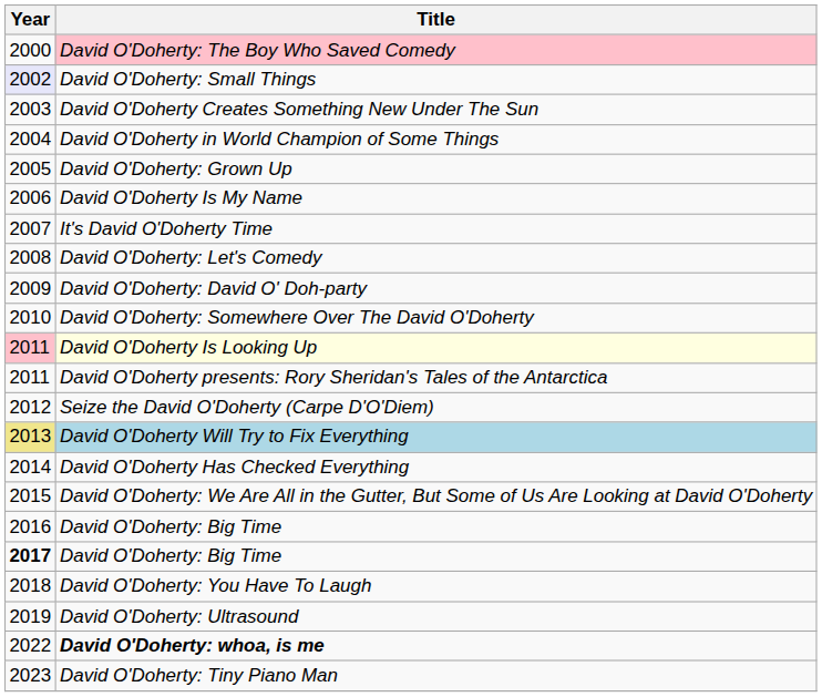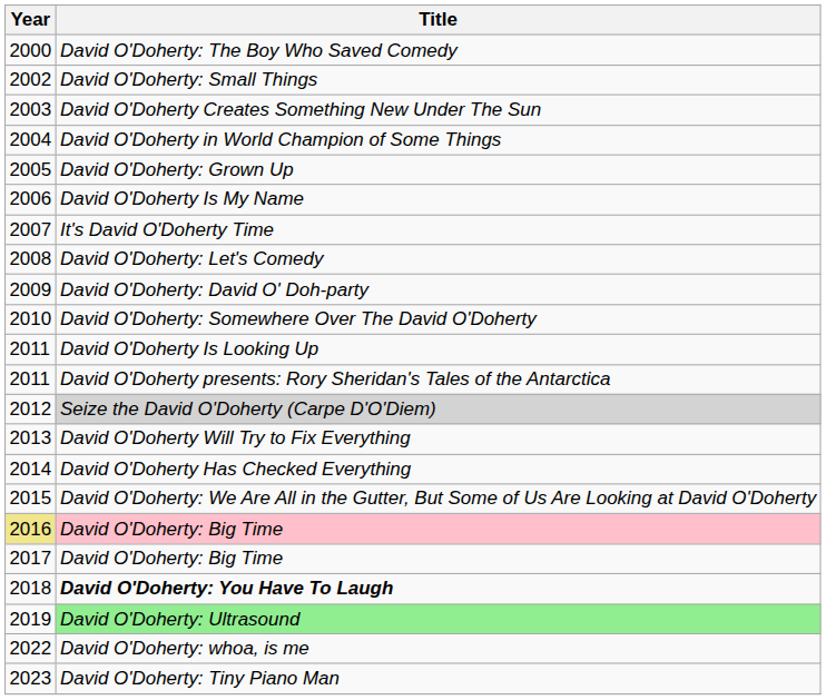 <table class="wikitable">
 <tr>
 <th>Year</th>
 <th>Title</th>
 </tr>
 <tr>
 <td>2000</td>
-<td style="background: pink;"><em>David O'Doherty: The Boy Who Saved Comedy</em></td>
+<td><em>David O'Doherty: The Boy Who Saved Comedy</em></td>
 </tr>
 <tr>
-<td style="background: lavender;">2002</td>
+<td>2002</td>
 <td><em>David O'Doherty: Small Things</em></td>
 </tr>
 <tr>
 <td>2003</td>
 <td><em>David O'Doherty Creates Something New Under The Sun</em></td>
 </tr>
 <tr>
 <td>2004</td>
 <td><em>David O'Doherty in World Champion of Some Things</em></td>
 </tr>
 <tr>
 <td>2005</td>
 <td><em>David O'Doherty: Grown Up</em></td>
 </tr>
 <tr>
 <td>2006</td>
 <td><em>David O'Doherty Is My Name</em></td>
 </tr>
 <tr>
 <td>2007</td>
 <td><em>It's David O'Doherty Time</em></td>
 </tr>
 <tr>
 <td>2008</td>
 <td><em>David O'Doherty: Let's Comedy</em></td>
 </tr>
 <tr>
 <td>2009</td>
 <td><em>David O'Doherty: David O' Doh-party</em></td>
 </tr>
 <tr>
 <td>2010</td>
 <td><em>David O'Doherty: Somewhere Over The David O'Doherty</em></td>
 </tr>
 <tr>
-<td style="background: pink;">2011</td>
-<td style="background: lightyellow;"><em>David O'Doherty Is Looking Up</em></td>
+<td>2011</td>
+<td><em>David O'Doherty Is Looking Up</em></td>
 </tr>
 <tr>
 <td>2011</td>
 <td><em>David O'Doherty presents: Rory Sheridan's Tales of the Antarctica</em></td>
 </tr>
 <tr>
 <td>2012</td>
-<td><em>Seize the David O'Doherty (Carpe D'O'Diem)</em></td>
+<td style="background: lightgrey;"><em>Seize the David O'Doherty (Carpe D'O'Diem)</em></td>
 </tr>
 <tr>
-<td style="background: khaki;">2013</td>
-<td style="background: lightblue;"><em>David O'Doherty Will Try to Fix Everything</em></td>
+<td>2013</td>
+<td><em>David O'Doherty Will Try to Fix Everything</em></td>
 </tr>
 <tr>
 <td>2014</td>
 <td><em>David O'Doherty Has Checked Everything</em></td>
 </tr>
 <tr>
 <td>2015</td>
 <td><em>David O'Doherty: We Are All in the Gutter, But Some of Us Are Looking at David O'Doherty</em></td>
 </tr>
 <tr>
-<td>2016</td>
-<td><em>David O'Doherty: Big Time</em></td>
+<td style="background: khaki;">2016</td>
+<td style="background: pink;"><em>David O'Doherty: Big Time</em></td>
 </tr>
 <tr>
-<td><strong>2017</strong></td>
+<td>2017</td>
 <td><em>David O'Doherty: Big Time</em></td>
 </tr>
 <tr>
 <td>2018</td>
-<td><em>David O'Doherty: You Have To Laugh</em></td>
+<td><strong><em>David O'Doherty: You Have To Laugh</em></strong></td>
 </tr>
 <tr>
 <td>2019</td>
-<td><em>David O'Doherty: Ultrasound</em></td>
+<td style="background: lightgreen;"><em>David O'Doherty: Ultrasound</em></td>
 </tr>
 <tr>
 <td>2022</td>
-<td><strong><em>David O'Doherty: whoa, is me</em></strong></td>
+<td><em>David O'Doherty: whoa, is me</em></td>
 </tr>
 <tr>
 <td>2023</td>
 <td><em>David O'Doherty: Tiny Piano Man</em></td>
 </tr>
 <tr>
 </tr>
 </table>
